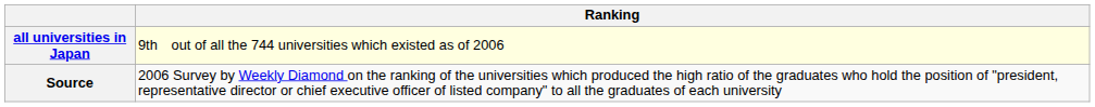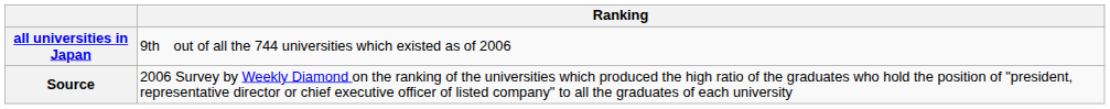 <table class="wikitable">
 <tr>
 <th></th>
 <th>Ranking</th>
 </tr>
 <tr>
 <th><a href='#'>all universities in Japan</a></th>
-<td style="background: lightyellow;">9th　out of all the 744 universities which existed as of 2006</td>
+<td>9th　out of all the 744 universities which existed as of 2006</td>
 </tr>
 <tr>
 <th>Source</th>
 <td>2006 Survey by <a href='#'>Weekly Diamond </a> on the ranking of the universities which produced the high ratio of the graduates who hold the position of "president, representative director or chief executive officer of listed company" to all the graduates of each university</td>
 </tr>
 </table>
